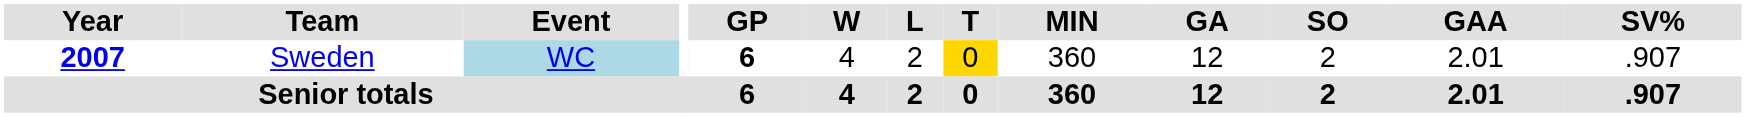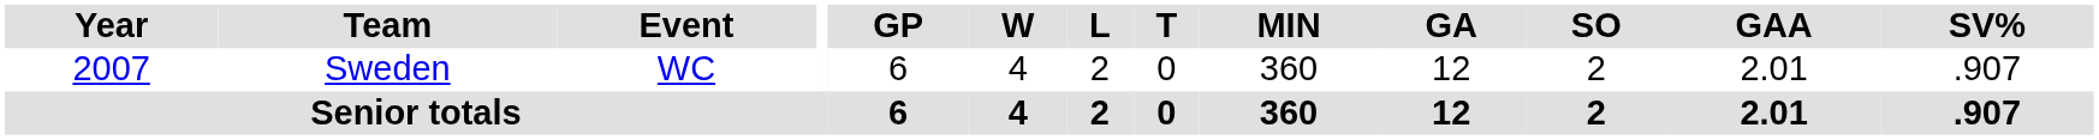 <table border="0" cellpadding="1" cellspacing="0" ID="Table3" style="text-align:center; width:60em">
 <tr ALIGN="center" bgcolor="#e0e0e0">
 <th>Year</th>
 <th>Team</th>
 <th>Event</th>
 <th rowspan="99" bgcolor="#ffffff"></th>
 <th>GP</th>
 <th>W</th>
 <th>L</th>
 <th>T</th>
 <th>MIN</th>
 <th>GA</th>
 <th>SO</th>
 <th>GAA</th>
 <th>SV%</th>
 </tr>
 <tr>
-<td><strong><a href='#'>2007</a></strong></td>
+<td><a href='#'>2007</a></td>
 <td><a href='#'>Sweden</a></td>
-<td style="background: lightblue;"><a href='#'>WC</a></td>
-<td><strong>6</strong></td>
+<td><a href='#'>WC</a></td>
+<td>6</td>
 <td>4</td>
 <td>2</td>
-<td style="background: gold;">0</td>
+<td>0</td>
 <td>360</td>
 <td>12</td>
 <td>2</td>
 <td>2.01</td>
 <td>.907</td>
 </tr>
 <tr bgcolor="#e0e0e0">
 <th colspan=4>Senior totals</th>
 <th>6</th>
 <th>4</th>
 <th>2</th>
 <th>0</th>
 <th>360</th>
 <th>12</th>
 <th>2</th>
 <th>2.01</th>
 <th>.907</th>
 </tr>
 </table>
